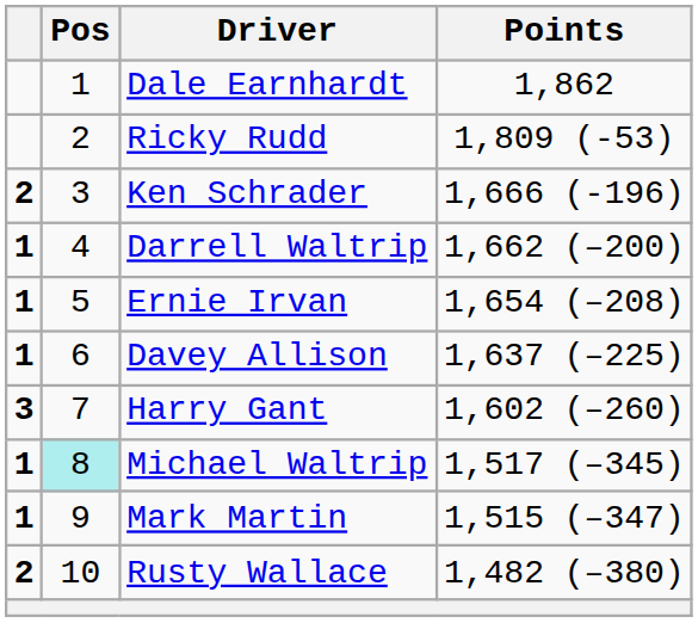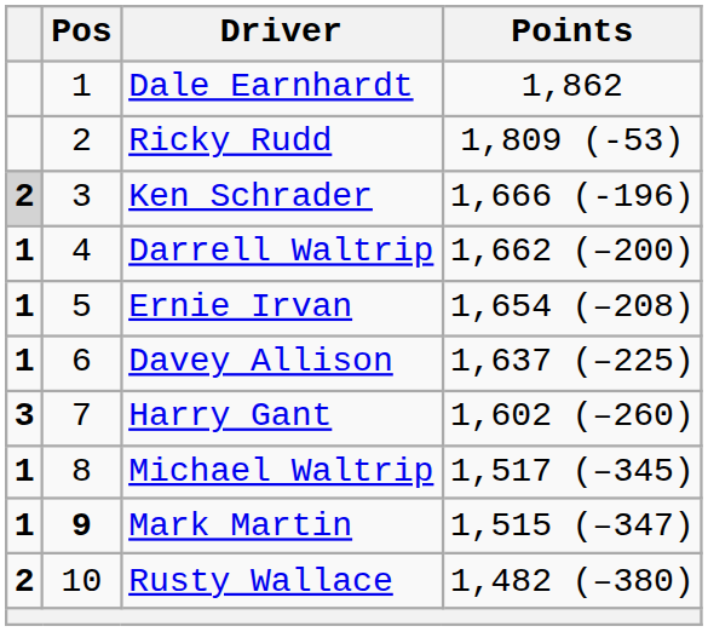 <table class="wikitable" style="font-size: 95%;">
 <tr>
 <th></th>
 <th>Pos</th>
 <th>Driver</th>
 <th>Points</th>
 </tr>
 <tr>
 <td align="left"></td>
 <td style="text-align:center;">1</td>
 <td><a href='#'>Dale Earnhardt</a></td>
 <td style="text-align:center;">1,862</td>
 </tr>
 <tr>
 <td align="left"></td>
 <td style="text-align:center;">2</td>
 <td><a href='#'>Ricky Rudd</a></td>
 <td style="text-align:center;">1,809 (-53)</td>
 </tr>
 <tr>
-<td align="left">  <strong>2</strong></td>
+<td align="left" style="background: lightgrey;">  <strong>2</strong></td>
 <td style="text-align:center;">3</td>
 <td><a href='#'>Ken Schrader</a></td>
 <td style="text-align:center;">1,666 (-196)</td>
 </tr>
 <tr>
 <td align="left">  <strong>1</strong></td>
 <td style="text-align:center;">4</td>
 <td><a href='#'>Darrell Waltrip</a></td>
 <td style="text-align:center;">1,662 (–200)</td>
 </tr>
 <tr>
 <td align="left">  <strong>1</strong></td>
 <td style="text-align:center;">5</td>
 <td><a href='#'>Ernie Irvan</a></td>
 <td style="text-align:center;">1,654 (–208)</td>
 </tr>
 <tr>
 <td align="left">  <strong>1</strong></td>
 <td style="text-align:center;">6</td>
 <td><a href='#'>Davey Allison</a></td>
 <td style="text-align:center;">1,637 (–225)</td>
 </tr>
 <tr>
 <td align="left">  <strong>3</strong></td>
 <td style="text-align:center;">7</td>
 <td><a href='#'>Harry Gant</a></td>
 <td style="text-align:center;">1,602 (–260)</td>
 </tr>
 <tr>
 <td align="left">  <strong>1</strong></td>
-<td style="background: paleturquoise; text-align:center;">8</td>
+<td style="text-align:center;">8</td>
 <td><a href='#'>Michael Waltrip</a></td>
 <td style="text-align:center;">1,517 (–345)</td>
 </tr>
 <tr>
 <td align="left">  <strong>1</strong></td>
-<td style="text-align:center;">9</td>
+<td style="text-align:center;"><strong>9</strong></td>
 <td><a href='#'>Mark Martin</a></td>
 <td style="text-align:center;">1,515 (–347)</td>
 </tr>
 <tr>
 <td align="left">  <strong>2</strong></td>
 <td style="text-align:center;">10</td>
 <td><a href='#'>Rusty Wallace</a></td>
 <td style="text-align:center;">1,482 (–380)</td>
 </tr>
 <tr class="sortbottom">
 <th colspan="9"></th>
 </tr>
 </table>
